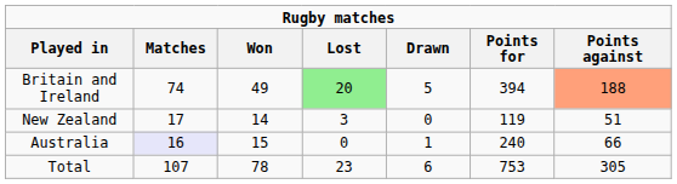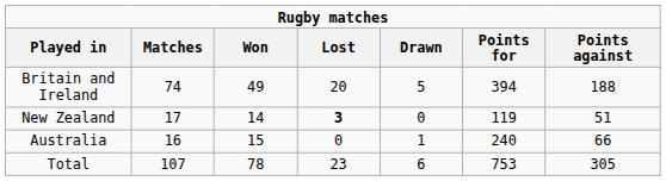 <table class="wikitable" style="text-align:center">
 <tr>
 <td colspan=7><strong>Rugby matches</strong></td>
 </tr>
 <tr>
 <th width="110">Played in</th>
 <th width="70">Matches</th>
 <th width="70">Won</th>
 <th width="70">Lost</th>
 <th width="70">Drawn</th>
 <th width="70">Points for</th>
 <th width="100">Points against</th>
 </tr>
 <tr>
 <td>Britain and Ireland</td>
 <td>74</td>
 <td>49</td>
-<td style="background: lightgreen;">20</td>
+<td>20</td>
 <td>5</td>
 <td>394</td>
-<td style="background: lightsalmon;">188</td>
+<td>188</td>
 </tr>
 <tr>
 <td>New Zealand</td>
 <td>17</td>
 <td>14</td>
-<td>3</td>
+<td><strong>3</strong></td>
 <td>0</td>
 <td>119</td>
 <td>51</td>
 </tr>
 <tr>
 <td>Australia</td>
-<td style="background: lavender;">16</td>
+<td>16</td>
 <td>15</td>
 <td>0</td>
 <td>1</td>
 <td>240</td>
 <td>66</td>
 </tr>
 <tr>
 <td>Total</td>
 <td>107</td>
 <td>78</td>
 <td>23</td>
 <td>6</td>
 <td>753</td>
 <td>305</td>
 </tr>
 </table>
